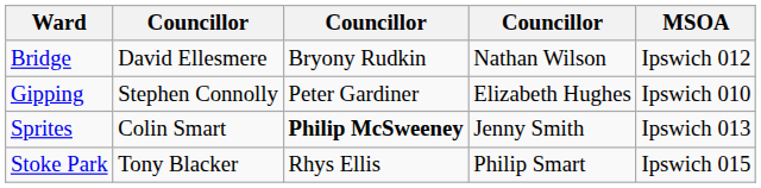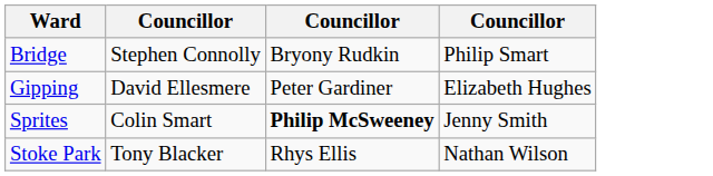 <table class="wikitable">
 <tr>
 <th>Ward</th>
 <th>Councillor</th>
 <th>Councillor</th>
 <th>Councillor</th>
-<th>MSOA</th>
 </tr>
 <tr>
 <td><a href='#'>Bridge</a></td>
-<td ! style="background-color:">David Ellesmere</td>
+<td ! style="background-color:">Stephen Connolly</td>
 <td ! style="background-color:">Bryony Rudkin</td>
-<td ! style="background-color:">Nathan Wilson</td>
-<td>Ipswich 012</td>
+<td ! style="background-color:">Philip Smart</td>
 </tr>
 <tr>
 <td><a href='#'>Gipping</a></td>
-<td ! style="background-color:">Stephen Connolly</td>
+<td ! style="background-color:">David Ellesmere</td>
 <td ! style="background-color:">Peter Gardiner</td>
 <td ! style="background-color:">Elizabeth Hughes</td>
-<td>Ipswich 010</td>
 </tr>
 <tr>
 <td><a href='#'>Sprites</a></td>
 <td ! style="background-color:">Colin Smart</td>
 <td ! style="background-color:"><strong>Philip McSweeney</strong></td>
 <td ! style="background-color:">Jenny Smith</td>
-<td>Ipswich 013</td>
 </tr>
 <tr>
 <td><a href='#'>Stoke Park</a></td>
 <td ! style="background-color:">Tony Blacker</td>
 <td ! style="background-color:">Rhys Ellis</td>
-<td ! style="background-color:">Philip Smart</td>
-<td>Ipswich 015</td>
+<td ! style="background-color:">Nathan Wilson</td>
 </tr>
 </table>
